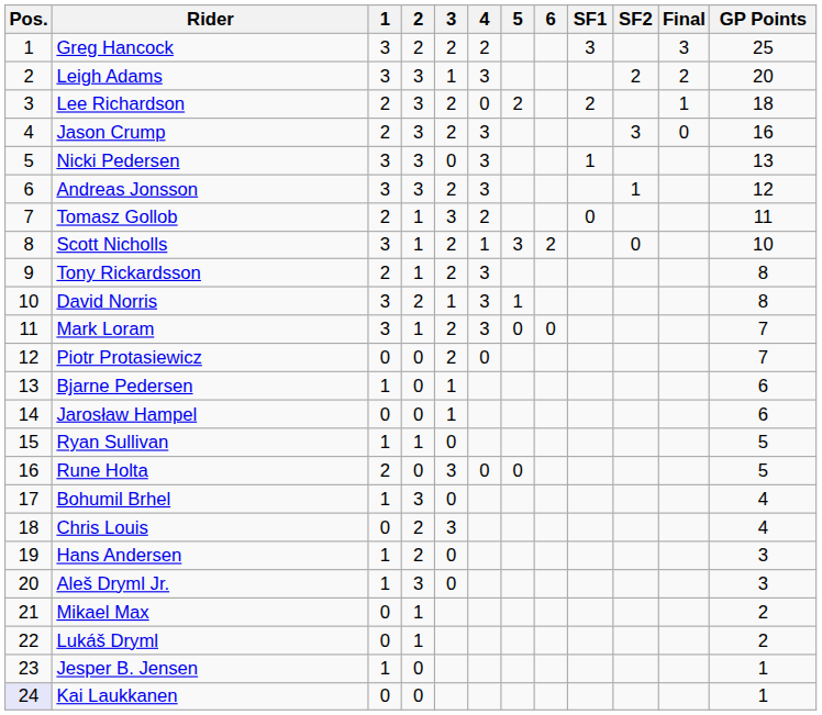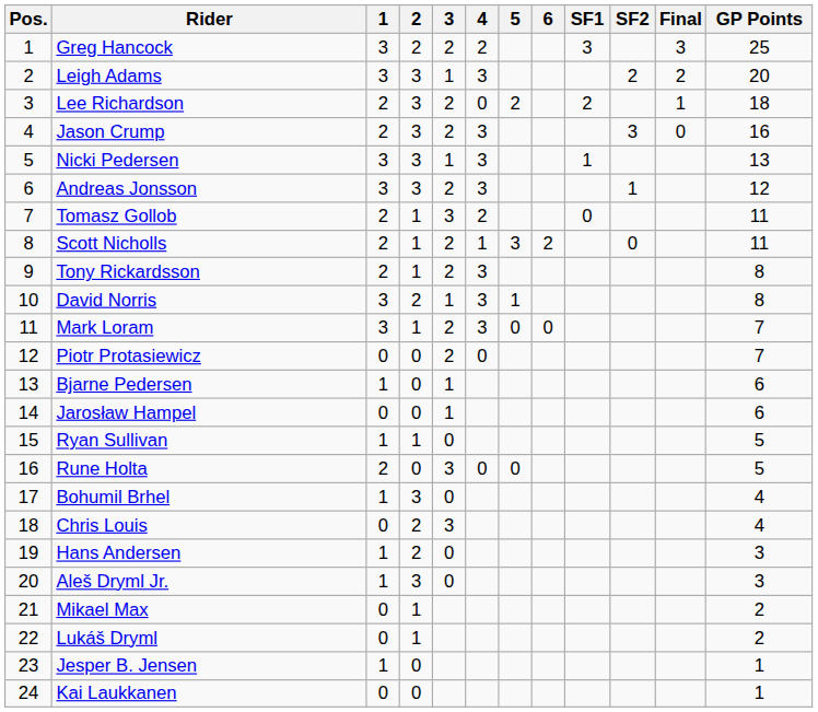 <table class=wikitable style="font-size:93%;">
 <tr>
 <th width=25px>Pos.</th>
 <th width=250px>Rider</th>
 <th width=20px>1</th>
 <th width=20px>2</th>
 <th width=20px>3</th>
 <th width=20px>4</th>
 <th width=20px>5</th>
 <th width=20px>6</th>
 <th width=30px>SF1</th>
 <th width=30px>SF2</th>
 <th width=30px>Final</th>
 <th width=80px>GP Points</th>
 </tr>
 <tr align=center style="background-color:">
 <td>1</td>
 <td align=left> <a href='#'>Greg Hancock</a></td>
 <td>3</td>
 <td>2</td>
 <td>2</td>
 <td>2</td>
 <td></td>
 <td></td>
 <td>  3</td>
 <td></td>
 <td>3</td>
 <td>25</td>
 </tr>
 <tr align=center style="background-color:">
 <td>2</td>
 <td align=left> <a href='#'>Leigh Adams</a></td>
 <td>3</td>
 <td>3</td>
 <td>1</td>
 <td>3</td>
 <td></td>
 <td></td>
 <td></td>
 <td>2</td>
 <td>2</td>
 <td>20</td>
 </tr>
 <tr align=center style="background-color:">
 <td>3</td>
 <td align=left> <a href='#'>Lee Richardson</a></td>
 <td>2</td>
 <td>3</td>
 <td>2</td>
 <td>0</td>
 <td>2</td>
 <td></td>
 <td>2</td>
 <td></td>
 <td>1</td>
 <td>18</td>
 </tr>
 <tr align=center>
 <td>4</td>
 <td align=left> <a href='#'>Jason Crump</a></td>
 <td>2</td>
 <td>3</td>
 <td>2</td>
 <td>3</td>
 <td></td>
 <td></td>
 <td></td>
 <td>3</td>
 <td>0</td>
 <td>16</td>
 </tr>
 <tr align=center>
 <td>5</td>
 <td align=left> <a href='#'>Nicki Pedersen</a></td>
 <td>3</td>
 <td>3</td>
-<td>0</td>
+<td>1</td>
 <td>3</td>
 <td></td>
 <td></td>
 <td>1</td>
 <td></td>
 <td></td>
 <td>13</td>
 </tr>
 <tr align=center>
 <td>6</td>
 <td align=left> <a href='#'>Andreas Jonsson</a></td>
 <td>3</td>
 <td>3</td>
 <td>2</td>
 <td>3</td>
 <td></td>
 <td></td>
 <td></td>
 <td>1</td>
 <td></td>
 <td>12</td>
 </tr>
 <tr align=center>
 <td>7</td>
 <td align=left> <a href='#'>Tomasz Gollob</a></td>
 <td>2</td>
 <td>1</td>
 <td>3</td>
 <td>2</td>
 <td></td>
 <td></td>
 <td>0</td>
 <td></td>
 <td></td>
 <td>11</td>
 </tr>
 <tr align=center>
 <td>8</td>
 <td align=left> <a href='#'>Scott Nicholls</a></td>
-<td>3</td>
+<td>2</td>
 <td>1</td>
 <td>2</td>
 <td>1</td>
 <td>3</td>
 <td>2</td>
 <td></td>
 <td>0</td>
 <td></td>
-<td>10</td>
+<td>11</td>
 </tr>
 <tr align=center>
 <td>9</td>
 <td align=left> <a href='#'>Tony Rickardsson</a></td>
 <td>2</td>
 <td>1</td>
 <td>2</td>
 <td>3</td>
 <td></td>
 <td></td>
 <td></td>
 <td></td>
 <td></td>
 <td>8</td>
 </tr>
 <tr align=center>
 <td>10</td>
 <td align=left> <a href='#'>David Norris</a></td>
 <td>3</td>
 <td>2</td>
 <td>1</td>
 <td>3</td>
 <td>1</td>
 <td></td>
 <td></td>
 <td></td>
 <td></td>
 <td>8</td>
 </tr>
 <tr align=center>
 <td>11</td>
 <td align=left> <a href='#'>Mark Loram</a></td>
 <td>3</td>
 <td>1</td>
 <td>2</td>
 <td>3</td>
 <td>0</td>
 <td>0</td>
 <td></td>
 <td></td>
 <td></td>
 <td>7</td>
 </tr>
 <tr align=center>
 <td>12</td>
 <td align=left> <a href='#'>Piotr Protasiewicz</a></td>
 <td>0</td>
 <td>0</td>
 <td>2</td>
 <td>0</td>
 <td></td>
 <td></td>
 <td></td>
 <td></td>
 <td></td>
 <td>7</td>
 </tr>
 <tr align=center>
 <td>13</td>
 <td align=left> <a href='#'>Bjarne Pedersen</a></td>
 <td>1</td>
 <td>0</td>
 <td>1</td>
 <td></td>
 <td></td>
 <td></td>
 <td></td>
 <td></td>
 <td></td>
 <td>6</td>
 </tr>
 <tr align=center>
 <td>14</td>
 <td align=left> <a href='#'>Jarosław Hampel</a></td>
 <td>0</td>
 <td>0</td>
 <td>1</td>
 <td></td>
 <td></td>
 <td></td>
 <td></td>
 <td></td>
 <td></td>
 <td>6</td>
 </tr>
 <tr align=center>
 <td>15</td>
 <td align=left> <a href='#'>Ryan Sullivan</a></td>
 <td>1</td>
 <td>1</td>
 <td>0</td>
 <td></td>
 <td></td>
 <td></td>
 <td></td>
 <td></td>
 <td></td>
 <td>5</td>
 </tr>
 <tr align=center>
 <td>16</td>
 <td align=left> <a href='#'>Rune Holta</a></td>
 <td>2</td>
 <td>0</td>
 <td>3</td>
 <td>0</td>
 <td>0</td>
 <td></td>
 <td></td>
 <td></td>
 <td></td>
 <td>5</td>
 </tr>
 <tr align=center>
 <td>17</td>
 <td align=left> <a href='#'>Bohumil Brhel</a></td>
 <td>1</td>
 <td>3</td>
 <td>0</td>
 <td></td>
 <td></td>
 <td></td>
 <td></td>
 <td></td>
 <td></td>
 <td>4</td>
 </tr>
 <tr align=center>
 <td>18</td>
 <td align=left> <a href='#'>Chris Louis</a></td>
 <td>0</td>
 <td>2</td>
 <td>3</td>
 <td></td>
 <td></td>
 <td></td>
 <td></td>
 <td></td>
 <td></td>
 <td>4</td>
 </tr>
 <tr align=center>
 <td>19</td>
 <td align=left> <a href='#'>Hans Andersen</a></td>
 <td>1</td>
 <td>2</td>
 <td>0</td>
 <td></td>
 <td></td>
 <td></td>
 <td></td>
 <td></td>
 <td></td>
 <td>3</td>
 </tr>
 <tr align=center>
 <td>20</td>
 <td align=left> <a href='#'>Aleš Dryml Jr.</a></td>
 <td>1</td>
 <td>3</td>
 <td>0</td>
 <td></td>
 <td></td>
 <td></td>
 <td></td>
 <td></td>
 <td></td>
 <td>3</td>
 </tr>
 <tr align=center>
 <td>21</td>
 <td align=left> <a href='#'>Mikael Max</a></td>
 <td>0</td>
 <td>1</td>
 <td></td>
 <td></td>
 <td></td>
 <td></td>
 <td></td>
 <td></td>
 <td></td>
 <td>2</td>
 </tr>
 <tr align=center>
 <td>22</td>
 <td align=left> <a href='#'>Lukáš Dryml</a></td>
 <td>0</td>
 <td>1</td>
 <td></td>
 <td></td>
 <td></td>
 <td></td>
 <td></td>
 <td></td>
 <td></td>
 <td>2</td>
 </tr>
 <tr align=center>
 <td>23</td>
 <td align=left> <a href='#'>Jesper B. Jensen</a></td>
 <td>1</td>
 <td>0</td>
 <td></td>
 <td></td>
 <td></td>
 <td></td>
 <td></td>
 <td></td>
 <td></td>
 <td>1</td>
 </tr>
 <tr align=center>
-<td style="background: lavender;">24</td>
+<td>24</td>
 <td align=left> <a href='#'>Kai Laukkanen</a></td>
 <td>0</td>
 <td>0</td>
 <td></td>
 <td></td>
 <td></td>
 <td></td>
 <td></td>
 <td></td>
 <td></td>
 <td>1</td>
 </tr>
 </table>
